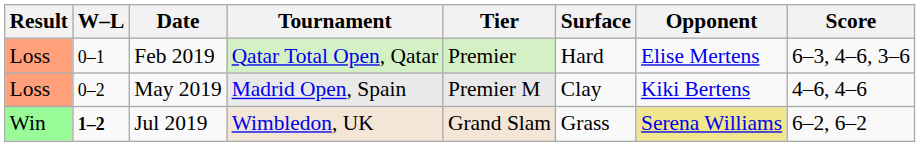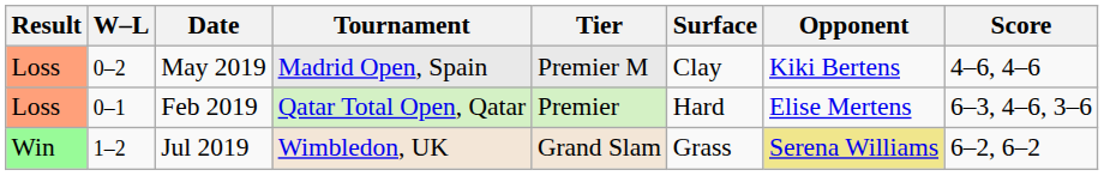 <table class="sortable wikitable">
 <tr>
 <th>Result</th>
 <th class="unsortable">W–L</th>
 <th>Date</th>
 <th>Tournament</th>
 <th>Tier</th>
 <th>Surface</th>
 <th>Opponent</th>
 <th class="unsortable">Score</th>
 </tr>
 <tr>
+<td bgcolor=FFA07A>Loss</td>
+<td><small>0–2</small></td>
+<td>May 2019</td>
+<td style="background:#e9e9e9;"><a href='#'>Madrid Open</a>, Spain</td>
+<td style="background:#e9e9e9;">Premier M</td>
+<td>Clay</td>
+<td> <a href='#'>Kiki Bertens</a></td>
+<td>4–6, 4–6</td>
+</tr>
+<tr>
 <td style="background:#FFA07A;">Loss</td>
 <td><small>0–1</small></td>
 <td>Feb 2019</td>
 <td style="background:#d4f1c5;"><a href='#'>Qatar Total Open</a>, Qatar</td>
 <td style="background:#d4f1c5;">Premier</td>
 <td>Hard</td>
 <td> <a href='#'>Elise Mertens</a></td>
 <td>6–3, 4–6, 3–6</td>
 </tr>
 <tr>
-<td bgcolor=FFA07A>Loss</td>
-<td><small>0–2</small></td>
-<td>May 2019</td>
-<td style="background:#e9e9e9;"><a href='#'>Madrid Open</a>, Spain</td>
-<td style="background:#e9e9e9;">Premier M</td>
-<td>Clay</td>
-<td> <a href='#'>Kiki Bertens</a></td>
-<td>4–6, 4–6</td>
-</tr>
-<tr>
 <td bgcolor=98fb98>Win</td>
-<td><strong><small>1–2</small></strong></td>
+<td><small>1–2</small></td>
 <td>Jul 2019</td>
 <td style="background:#f3e6d7;"><a href='#'>Wimbledon</a>, UK</td>
 <td style="background:#f3e6d7;">Grand Slam</td>
 <td>Grass</td>
 <td style="background: khaki;"> <a href='#'>Serena Williams</a></td>
 <td>6–2, 6–2</td>
 </tr>
 </table>
